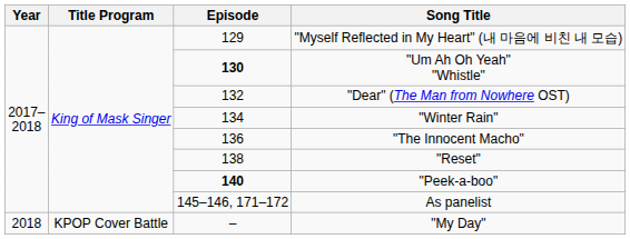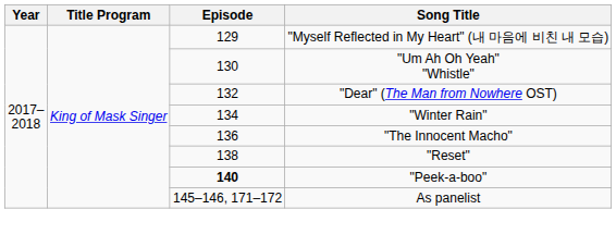 <table class="wikitable" style="witdh:700px; text-align:center;">
 <tr>
 <th width=10>Year</th>
 <th>Title Program</th>
 <th>Episode</th>
 <th>Song Title</th>
 </tr>
 <tr>
 <td rowspan=8>2017–2018</td>
 <td rowspan=8><em><a href='#'>King of Mask Singer</a></em></td>
 <td>129</td>
 <td>"Myself Reflected in My Heart" (내 마음에 비친 내 모습) </td>
 </tr>
 <tr>
-<td><strong>130</strong></td>
+<td>130</td>
 <td>"Um Ah Oh Yeah" <br>"Whistle" </td>
 </tr>
 <tr>
 <td>132</td>
 <td>"Dear" (<em><a href='#'>The Man from Nowhere</a></em> OST) </td>
 </tr>
 <tr>
 <td>134</td>
 <td>"Winter Rain" </td>
 </tr>
 <tr>
 <td>136</td>
 <td>"The Innocent Macho" </td>
 </tr>
 <tr>
 <td>138</td>
 <td>"Reset" </td>
 </tr>
 <tr>
 <td><strong>140</strong></td>
 <td>"Peek-a-boo" </td>
 </tr>
 <tr>
 <td>145–146, 171–172</td>
 <td>As panelist</td>
 </tr>
-<tr>
-<td>2018</td>
-<td>KPOP Cover Battle</td>
-<td>–</td>
-<td>"My Day" </td>
-</tr>
 </table>
